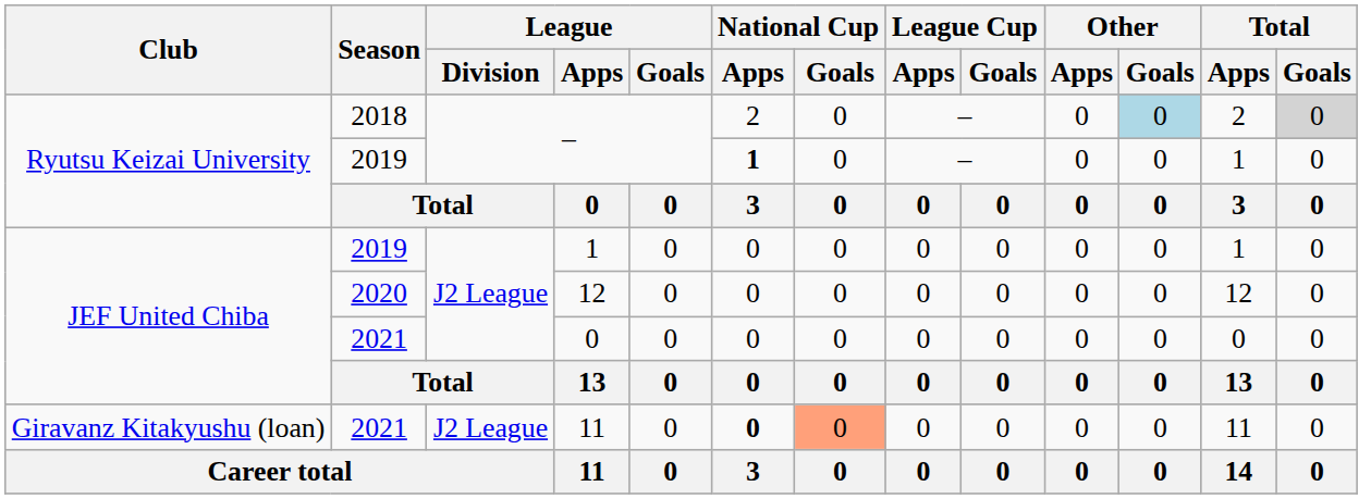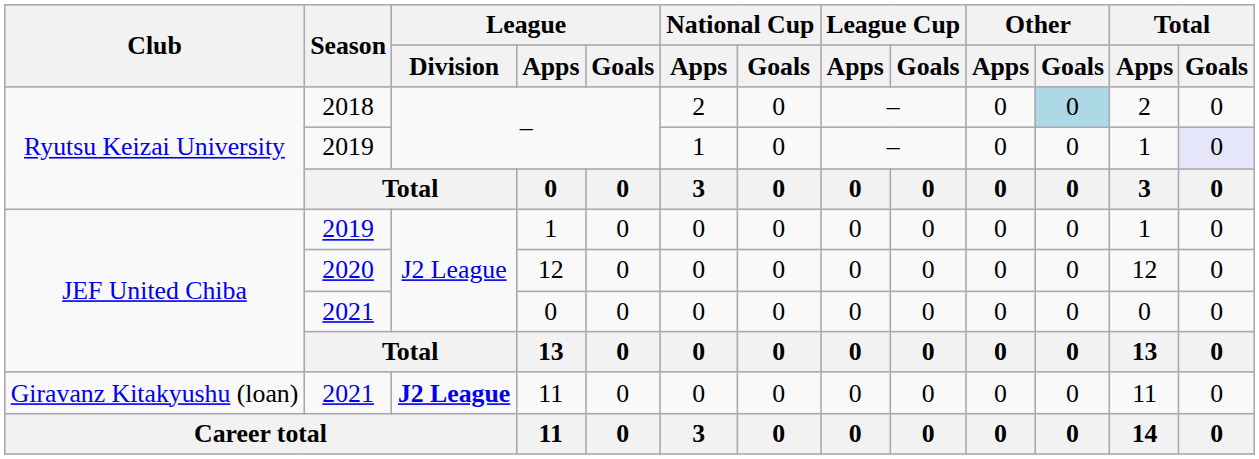 <table class="wikitable" style="text-align: center">
 <tr>
 <th rowspan="2">Club</th>
 <th rowspan="2">Season</th>
 <th colspan="3">League</th>
 <th colspan="2">National Cup</th>
 <th colspan="2">League Cup</th>
 <th colspan="2">Other</th>
 <th colspan="2">Total</th>
 </tr>
 <tr>
 <th>Division</th>
 <th>Apps</th>
 <th>Goals</th>
 <th>Apps</th>
 <th>Goals</th>
 <th>Apps</th>
 <th>Goals</th>
 <th>Apps</th>
 <th>Goals</th>
 <th>Apps</th>
 <th>Goals</th>
 </tr>
 <tr>
 <td rowspan="3"><a href='#'>Ryutsu Keizai University</a></td>
 <td>2018</td>
 <td colspan="3" rowspan="2">–</td>
 <td>2</td>
 <td>0</td>
 <td colspan="2">–</td>
 <td>0</td>
 <td style="background: lightblue;">0</td>
 <td>2</td>
-<td style="background: lightgrey;">0</td>
+<td>0</td>
 </tr>
 <tr>
 <td>2019</td>
-<td><strong>1</strong></td>
+<td>1</td>
 <td>0</td>
 <td colspan="2">–</td>
 <td>0</td>
 <td>0</td>
 <td>1</td>
-<td>0</td>
+<td style="background: lavender;">0</td>
 </tr>
 <tr>
 <th colspan=2>Total</th>
 <th>0</th>
 <th>0</th>
 <th>3</th>
 <th>0</th>
 <th>0</th>
 <th>0</th>
 <th>0</th>
 <th>0</th>
 <th>3</th>
 <th>0</th>
 </tr>
 <tr>
 <td rowspan="4"><a href='#'>JEF United Chiba</a></td>
 <td><a href='#'>2019</a></td>
 <td rowspan="3"><a href='#'>J2 League</a></td>
 <td>1</td>
 <td>0</td>
 <td>0</td>
 <td>0</td>
 <td>0</td>
 <td>0</td>
 <td>0</td>
 <td>0</td>
 <td>1</td>
 <td>0</td>
 </tr>
 <tr>
 <td><a href='#'>2020</a></td>
 <td>12</td>
 <td>0</td>
 <td>0</td>
 <td>0</td>
 <td>0</td>
 <td>0</td>
 <td>0</td>
 <td>0</td>
 <td>12</td>
 <td>0</td>
 </tr>
 <tr>
 <td><a href='#'>2021</a></td>
 <td>0</td>
 <td>0</td>
 <td>0</td>
 <td>0</td>
 <td>0</td>
 <td>0</td>
 <td>0</td>
 <td>0</td>
 <td>0</td>
 <td>0</td>
 </tr>
 <tr>
 <th colspan=2>Total</th>
 <th>13</th>
 <th>0</th>
 <th>0</th>
 <th>0</th>
 <th>0</th>
 <th>0</th>
 <th>0</th>
 <th>0</th>
 <th>13</th>
 <th>0</th>
 </tr>
 <tr>
 <td><a href='#'>Giravanz Kitakyushu</a> (loan)</td>
 <td><a href='#'>2021</a></td>
-<td><a href='#'>J2 League</a></td>
+<td><strong><a href='#'>J2 League</a></strong></td>
 <td>11</td>
 <td>0</td>
-<td><strong>0</strong></td>
-<td style="background: lightsalmon;">0</td>
+<td>0</td>
+<td>0</td>
 <td>0</td>
 <td>0</td>
 <td>0</td>
 <td>0</td>
 <td>11</td>
 <td>0</td>
 </tr>
 <tr>
 <th colspan=3>Career total</th>
 <th>11</th>
 <th>0</th>
 <th>3</th>
 <th>0</th>
 <th>0</th>
 <th>0</th>
 <th>0</th>
 <th>0</th>
 <th>14</th>
 <th>0</th>
 </tr>
 </table>
